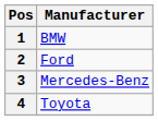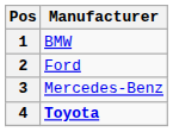 <table class="wikitable" style="font-size: 85%">
 <tr>
 <th valign="middle">Pos</th>
 <th valign="middle">Manufacturer</th>
 </tr>
 <tr>
 <th>1</th>
 <td><a href='#'>BMW</a></td>
 </tr>
 <tr>
 <th>2</th>
 <td><a href='#'>Ford</a></td>
 </tr>
 <tr>
 <th>3</th>
 <td><a href='#'>Mercedes-Benz</a></td>
 </tr>
 <tr>
 <th>4</th>
-<td><a href='#'>Toyota</a></td>
+<td><strong><a href='#'>Toyota</a></strong></td>
 </tr>
 <tr>
 </tr>
 </table>
